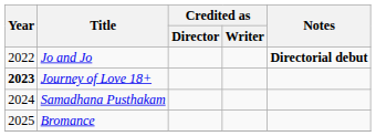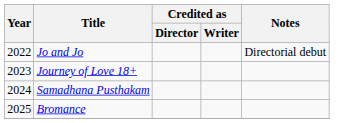 <table class="wikitable" style="text-align:center; margin-right:auto; margin-right:auto">
 <tr>
 <th rowspan="2">Year</th>
 <th rowspan="2">Title</th>
 <th colspan="2">Credited as</th>
 <th rowspan="2">Notes</th>
 </tr>
 <tr>
 <th>Director</th>
 <th>Writer</th>
 </tr>
 <tr>
 <td>2022</td>
 <td align="left"><em><a href='#'>Jo and Jo</a></em></td>
 <td></td>
 <td></td>
-<td align="left"><strong>Directorial debut</strong></td>
+<td align="left">Directorial debut</td>
 </tr>
 <tr>
-<td><strong>2023</strong></td>
+<td>2023</td>
 <td align="left"><em><a href='#'>Journey of Love 18+</a></em></td>
 <td></td>
 <td></td>
 <td></td>
 </tr>
 <tr>
 <td>2024</td>
 <td align="left"><em><a href='#'>Samadhana Pusthakam</a></em></td>
 <td></td>
 <td></td>
 <td></td>
 </tr>
 <tr>
 <td>2025</td>
 <td align="left"><em><a href='#'>Bromance</a></em></td>
 <td></td>
 <td></td>
 <td></td>
 </tr>
 <tr>
 </tr>
 </table>
